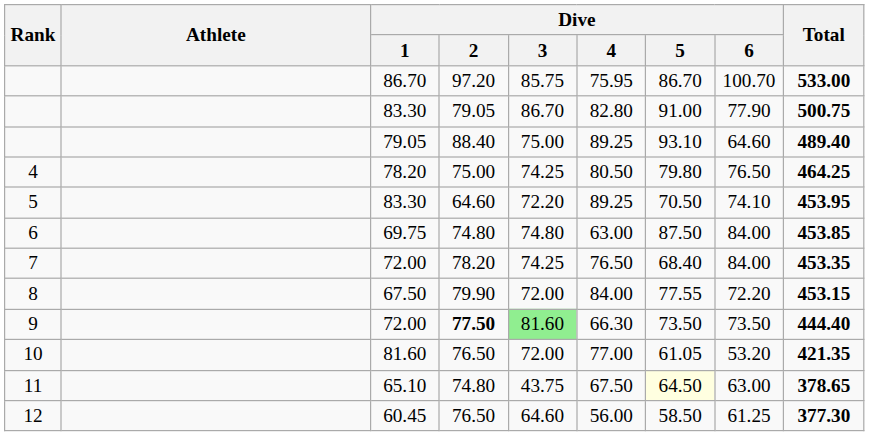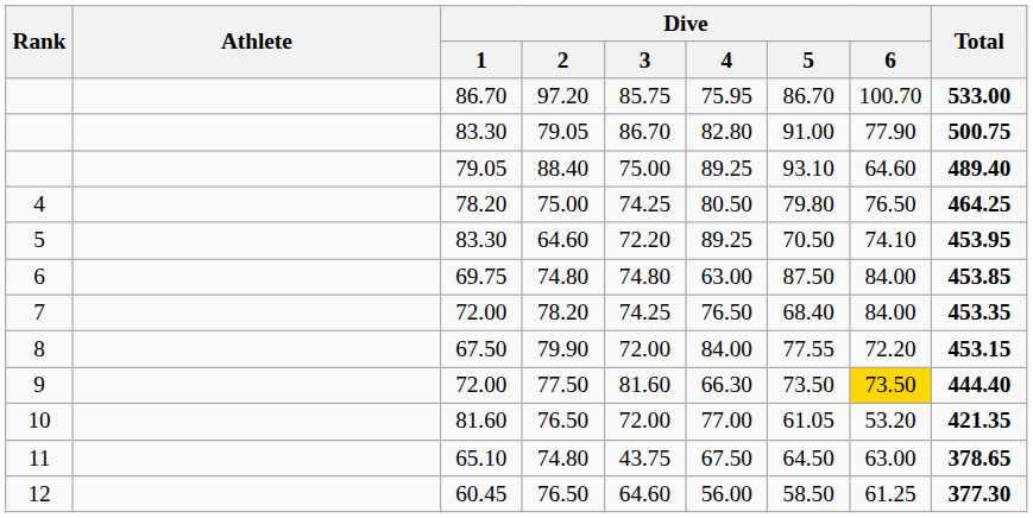 <table class="wikitable" style="text-align:center">
 <tr>
 <th rowspan="2" width="40">Rank</th>
 <th rowspan="2" width="250">Athlete</th>
 <th colspan="6">Dive</th>
 <th rowspan="2" width="60">Total</th>
 </tr>
 <tr>
 <th width="50">1</th>
 <th width="50">2</th>
 <th width="50">3</th>
 <th width="50">4</th>
 <th width="50">5</th>
 <th width="50">6</th>
 </tr>
 <tr>
 <td></td>
 <td align="left"></td>
 <td>86.70</td>
 <td>97.20</td>
 <td>85.75</td>
 <td>75.95</td>
 <td>86.70</td>
 <td>100.70</td>
 <td><strong>533.00</strong></td>
 </tr>
 <tr>
 <td></td>
 <td align="left"></td>
 <td>83.30</td>
 <td>79.05</td>
 <td>86.70</td>
 <td>82.80</td>
 <td>91.00</td>
 <td>77.90</td>
 <td><strong>500.75</strong></td>
 </tr>
 <tr>
 <td></td>
 <td align="left"></td>
 <td>79.05</td>
 <td>88.40</td>
 <td>75.00</td>
 <td>89.25</td>
 <td>93.10</td>
 <td>64.60</td>
 <td><strong>489.40</strong></td>
 </tr>
 <tr>
 <td>4</td>
 <td align="left"></td>
 <td>78.20</td>
 <td>75.00</td>
 <td>74.25</td>
 <td>80.50</td>
 <td>79.80</td>
 <td>76.50</td>
 <td><strong>464.25</strong></td>
 </tr>
 <tr>
 <td>5</td>
 <td align="left"></td>
 <td>83.30</td>
 <td>64.60</td>
 <td>72.20</td>
 <td>89.25</td>
 <td>70.50</td>
 <td>74.10</td>
 <td><strong>453.95</strong></td>
 </tr>
 <tr>
 <td>6</td>
 <td align="left"></td>
 <td>69.75</td>
 <td>74.80</td>
 <td>74.80</td>
 <td>63.00</td>
 <td>87.50</td>
 <td>84.00</td>
 <td><strong>453.85</strong></td>
 </tr>
 <tr>
 <td>7</td>
 <td align="left"></td>
 <td>72.00</td>
 <td>78.20</td>
 <td>74.25</td>
 <td>76.50</td>
 <td>68.40</td>
 <td>84.00</td>
 <td><strong>453.35</strong></td>
 </tr>
 <tr>
 <td>8</td>
 <td align="left"></td>
 <td>67.50</td>
 <td>79.90</td>
 <td>72.00</td>
 <td>84.00</td>
 <td>77.55</td>
 <td>72.20</td>
 <td><strong>453.15</strong></td>
 </tr>
 <tr>
 <td>9</td>
 <td align="left"></td>
 <td>72.00</td>
-<td><strong>77.50</strong></td>
-<td style="background: lightgreen;">81.60</td>
+<td>77.50</td>
+<td>81.60</td>
 <td>66.30</td>
 <td>73.50</td>
-<td>73.50</td>
+<td style="background: gold;">73.50</td>
 <td><strong>444.40</strong></td>
 </tr>
 <tr>
 <td>10</td>
 <td align="left"></td>
 <td>81.60</td>
 <td>76.50</td>
 <td>72.00</td>
 <td>77.00</td>
 <td>61.05</td>
 <td>53.20</td>
 <td><strong>421.35</strong></td>
 </tr>
 <tr>
 <td>11</td>
 <td align="left"></td>
 <td>65.10</td>
 <td>74.80</td>
 <td>43.75</td>
 <td>67.50</td>
-<td style="background: lightyellow;">64.50</td>
+<td>64.50</td>
 <td>63.00</td>
 <td><strong>378.65</strong></td>
 </tr>
 <tr>
 <td>12</td>
 <td align="left"></td>
 <td>60.45</td>
 <td>76.50</td>
 <td>64.60</td>
 <td>56.00</td>
 <td>58.50</td>
 <td>61.25</td>
 <td><strong>377.30</strong></td>
 </tr>
 </table>
